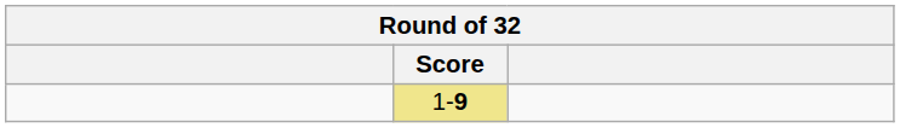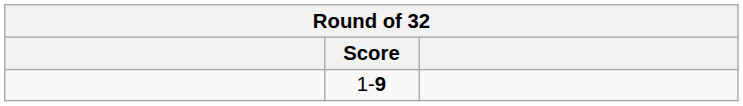 <table class="wikitable" style="text-align: center; font-size:90% ">
 <tr>
 <th colspan=3>Round of 32</th>
 </tr>
 <tr>
 <th align="right" width=220></th>
 <th width="60">Score</th>
 <th align="left" width=220></th>
 </tr>
 <tr>
 <td align=left></td>
-<td align=center style="background: khaki;">1-<strong>9</strong></td>
+<td align=center>1-<strong>9</strong></td>
 <td align=left><strong></strong></td>
 </tr>
 </table>
